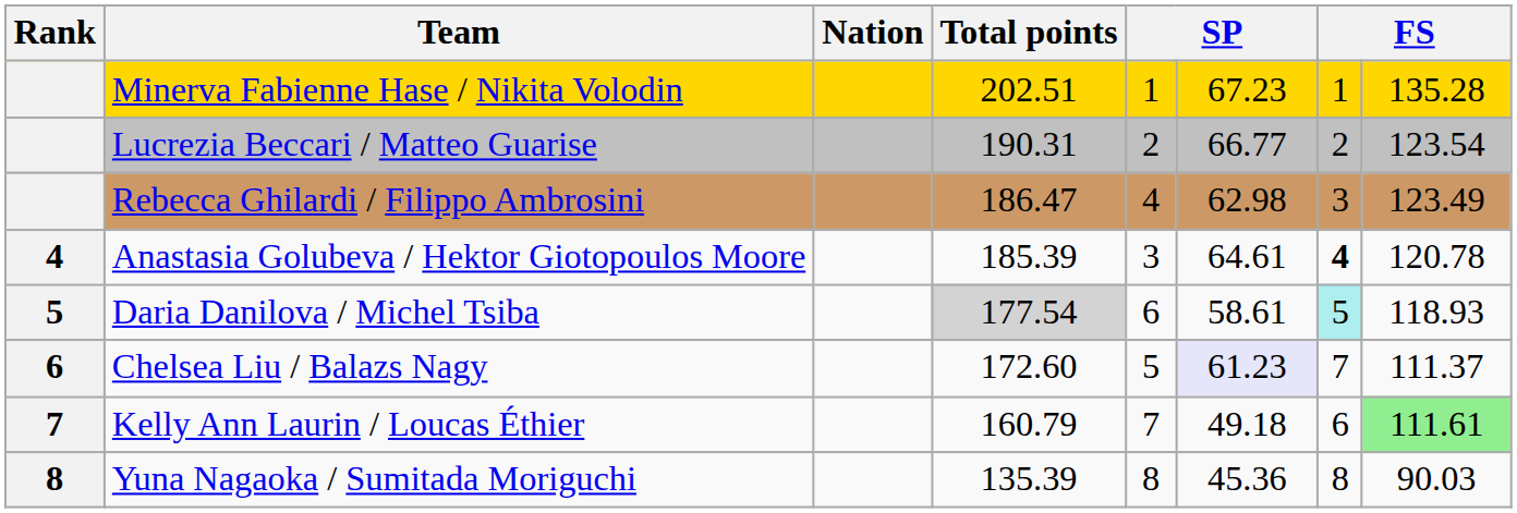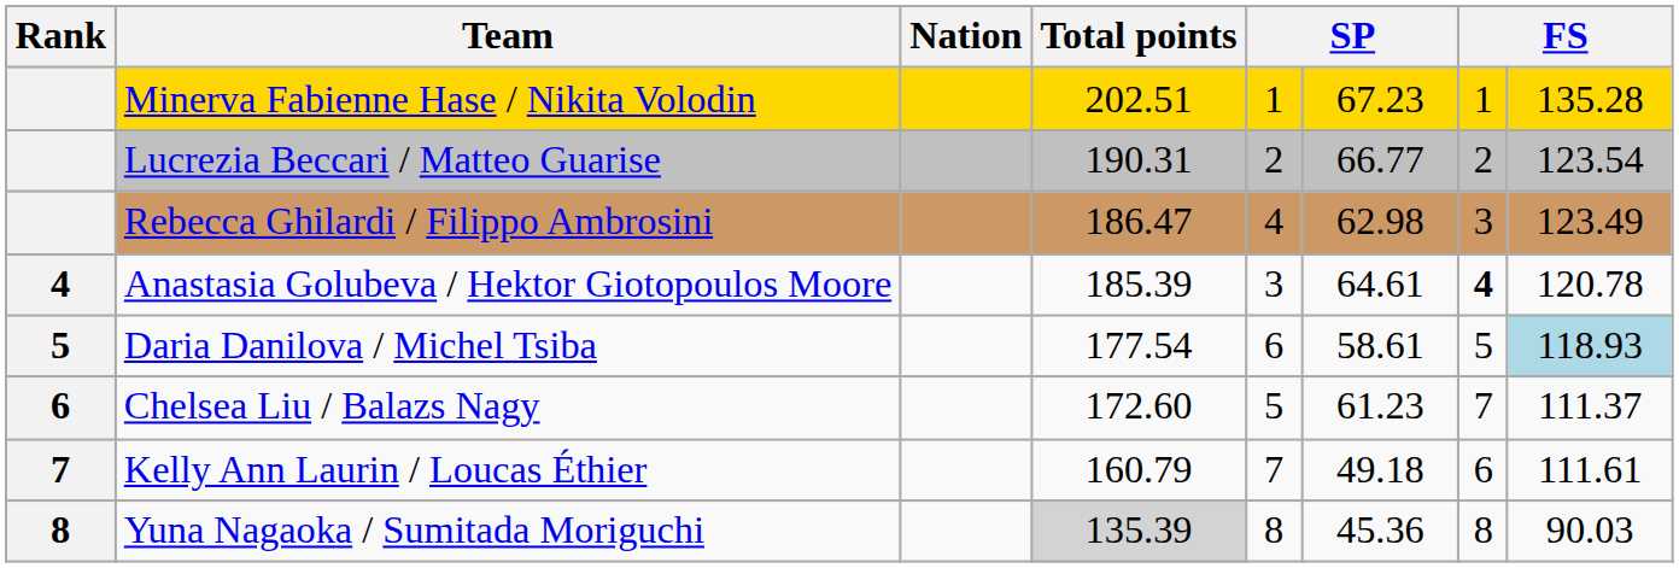 <table class="wikitable sortable" style="text-align:left">
 <tr>
 <th scope="col">Rank</th>
 <th scope="col">Team</th>
 <th scope="col">Nation</th>
 <th scope="col">Total points</th>
 <th scope="col" colspan="2" width="80px"><a href='#'>SP</a></th>
 <th scope="col" colspan="2" width="80px"><a href='#'>FS</a></th>
 </tr>
 <tr bgcolor="gold">
 <th scope="row"></th>
 <td><a href='#'>Minerva Fabienne Hase</a> / <a href='#'>Nikita Volodin</a></td>
 <td></td>
 <td align="center">202.51</td>
 <td align="center">1</td>
 <td align="center">67.23</td>
 <td align="center">1</td>
 <td align="center">135.28</td>
 </tr>
 <tr bgcolor="silver">
 <th scope="row"></th>
 <td><a href='#'>Lucrezia Beccari</a> / <a href='#'>Matteo Guarise</a></td>
 <td></td>
 <td align="center">190.31</td>
 <td align="center">2</td>
 <td align="center">66.77</td>
 <td align="center">2</td>
 <td align="center">123.54</td>
 </tr>
 <tr bgcolor="cc9966">
 <th scope="row"></th>
 <td><a href='#'>Rebecca Ghilardi</a> / <a href='#'>Filippo Ambrosini</a></td>
 <td></td>
 <td align="center">186.47</td>
 <td align="center">4</td>
 <td align="center">62.98</td>
 <td align="center">3</td>
 <td align="center">123.49</td>
 </tr>
 <tr>
 <th scope="row">4</th>
 <td><a href='#'>Anastasia Golubeva</a> / <a href='#'>Hektor Giotopoulos Moore</a></td>
 <td></td>
 <td align="center">185.39</td>
 <td align="center">3</td>
 <td align="center">64.61</td>
 <td align="center"><strong>4</strong></td>
 <td align="center">120.78</td>
 </tr>
 <tr>
 <th scope="row">5</th>
 <td><a href='#'>Daria Danilova</a> / <a href='#'>Michel Tsiba</a></td>
 <td></td>
-<td align="center" style="background: lightgrey;">177.54</td>
+<td align="center">177.54</td>
 <td align="center">6</td>
 <td align="center">58.61</td>
-<td align="center" style="background: paleturquoise;">5</td>
-<td align="center">118.93</td>
+<td align="center">5</td>
+<td align="center" style="background: lightblue;">118.93</td>
 </tr>
 <tr>
 <th scope="row">6</th>
 <td><a href='#'>Chelsea Liu</a> / <a href='#'>Balazs Nagy</a></td>
 <td></td>
 <td align="center">172.60</td>
 <td align="center">5</td>
-<td align="center" style="background: lavender;">61.23</td>
+<td align="center">61.23</td>
 <td align="center">7</td>
 <td align="center">111.37</td>
 </tr>
 <tr>
 <th scope="row">7</th>
 <td><a href='#'>Kelly Ann Laurin</a> / <a href='#'>Loucas Éthier</a></td>
 <td></td>
 <td align="center">160.79</td>
 <td align="center">7</td>
 <td align="center">49.18</td>
 <td align="center">6</td>
-<td align="center" style="background: lightgreen;">111.61</td>
+<td align="center">111.61</td>
 </tr>
 <tr>
 <th scope="row">8</th>
 <td><a href='#'>Yuna Nagaoka</a> / <a href='#'>Sumitada Moriguchi</a></td>
 <td></td>
-<td align="center">135.39</td>
+<td align="center" style="background: lightgrey;">135.39</td>
 <td align="center">8</td>
 <td align="center">45.36</td>
 <td align="center">8</td>
 <td align="center">90.03</td>
 </tr>
 </table>
